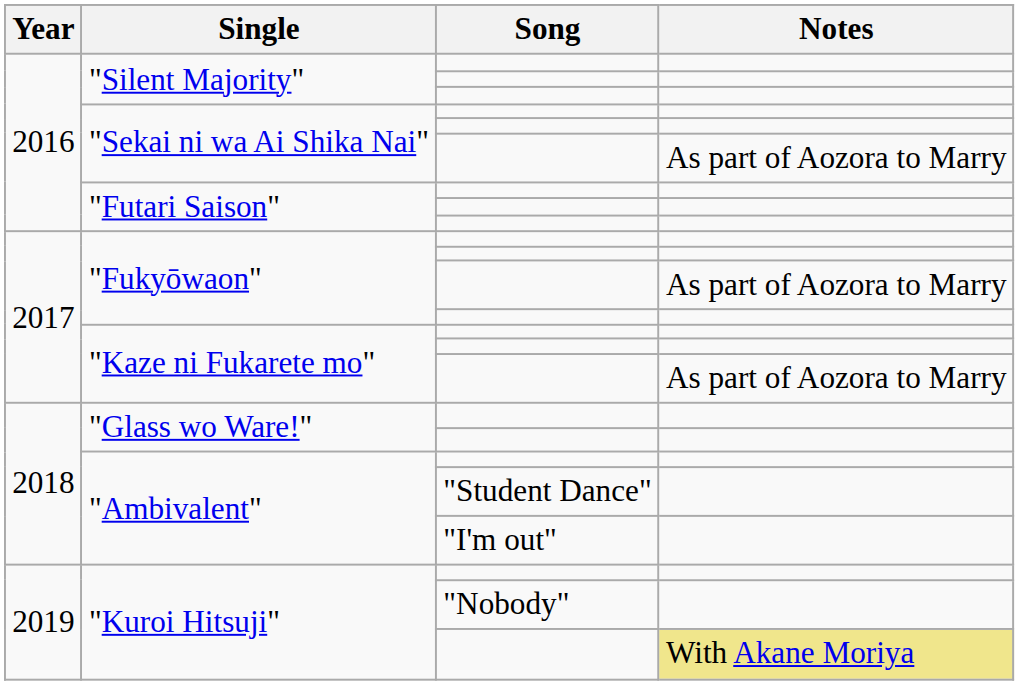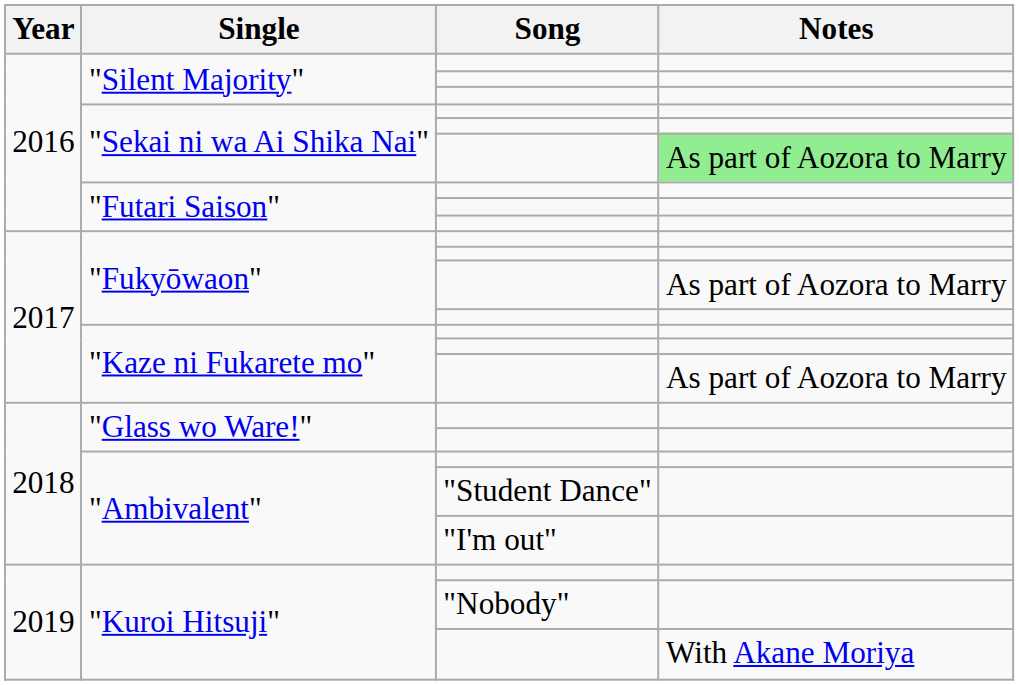 <table class="wikitable">
 <tr>
 <th>Year</th>
 <th>Single</th>
 <th>Song</th>
 <th>Notes</th>
 </tr>
 <tr>
 <td rowspan="9">2016</td>
 <td rowspan="3">"<a href='#'>Silent Majority</a>"</td>
 <td></td>
 <td></td>
 </tr>
 <tr>
 <td></td>
 <td></td>
 </tr>
 <tr>
 <td></td>
 <td></td>
 </tr>
 <tr>
 <td rowspan="3">"<a href='#'>Sekai ni wa Ai Shika Nai</a>"</td>
 <td></td>
 <td></td>
 </tr>
 <tr>
 <td></td>
 <td></td>
 </tr>
 <tr>
 <td></td>
-<td>As part of Aozora to Marry</td>
+<td style="background: lightgreen;">As part of Aozora to Marry</td>
 </tr>
 <tr>
 <td rowspan="3">"<a href='#'>Futari Saison</a>"</td>
 <td></td>
 <td></td>
 </tr>
 <tr>
 <td></td>
 <td></td>
 </tr>
 <tr>
 <td></td>
 <td></td>
 </tr>
 <tr>
 <td rowspan="7">2017</td>
 <td rowspan="4">"<a href='#'>Fukyōwaon</a>"</td>
 <td></td>
 <td></td>
 </tr>
 <tr>
 <td></td>
 <td></td>
 </tr>
 <tr>
 <td></td>
 <td>As part of Aozora to Marry</td>
 </tr>
 <tr>
 <td></td>
 <td></td>
 </tr>
 <tr>
 <td rowspan="3">"<a href='#'>Kaze ni Fukarete mo</a>"</td>
 <td></td>
 <td></td>
 </tr>
 <tr>
 <td></td>
 <td></td>
 </tr>
 <tr>
 <td></td>
 <td>As part of Aozora to Marry</td>
 </tr>
 <tr>
 <td rowspan="5">2018</td>
 <td rowspan="2">"<a href='#'>Glass wo Ware!</a>"</td>
 <td></td>
 <td></td>
 </tr>
 <tr>
 <td></td>
 <td></td>
 </tr>
 <tr>
 <td rowspan="3">"<a href='#'>Ambivalent</a>"</td>
 <td></td>
 <td></td>
 </tr>
 <tr>
 <td>"Student Dance"</td>
 <td></td>
 </tr>
 <tr>
 <td>"I'm out"</td>
 <td></td>
 </tr>
 <tr>
 <td rowspan="3">2019</td>
 <td rowspan="3">"<a href='#'>Kuroi Hitsuji</a>"</td>
 <td></td>
 <td></td>
 </tr>
 <tr>
 <td>"Nobody"</td>
 <td></td>
 </tr>
 <tr>
 <td></td>
-<td style="background: khaki;">With <a href='#'>Akane Moriya</a></td>
+<td>With <a href='#'>Akane Moriya</a></td>
 </tr>
 </table>
